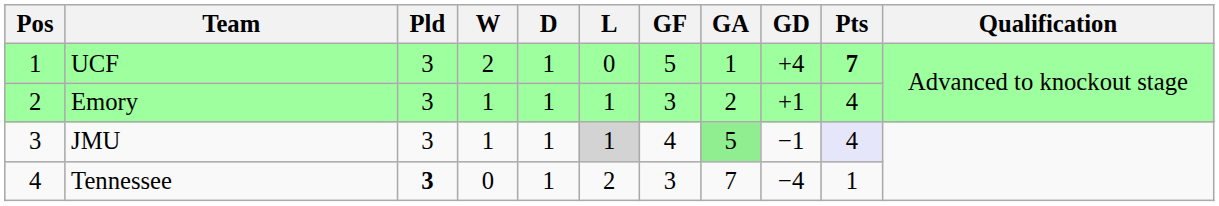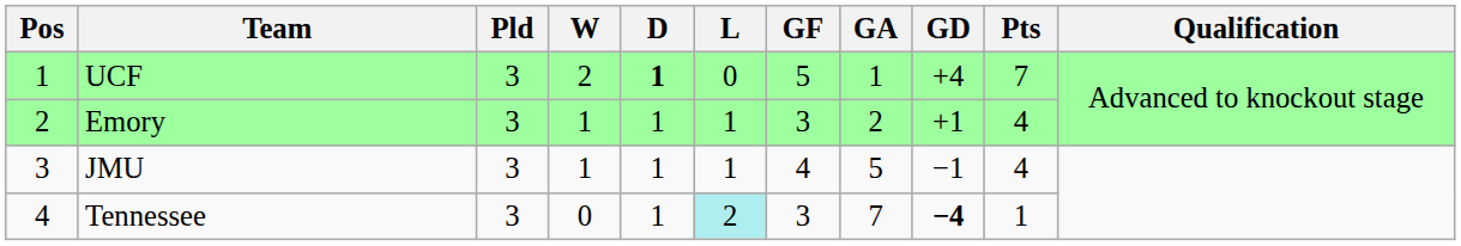 <table class="wikitable" style="text-align:center; margin: 1em auto">
 <tr>
 <th style="width:2em">Pos</th>
 <th style="width:13em">Team</th>
 <th style="width:2em">Pld</th>
 <th style="width:2em">W</th>
 <th style="width:2em">D</th>
 <th style="width:2em">L</th>
 <th style="width:2em">GF</th>
 <th style="width:2em">GA</th>
 <th style="width:2em">GD</th>
 <th style="width:2em">Pts</th>
 <th style="width:13em">Qualification</th>
 </tr>
 <tr bgcolor="#9eff9e">
 <td>1</td>
 <td style="text-align:left">UCF</td>
 <td>3</td>
 <td>2</td>
-<td>1</td>
+<td><strong>1</strong></td>
 <td>0</td>
 <td>5</td>
 <td>1</td>
 <td>+4</td>
-<td><strong>7</strong></td>
+<td>7</td>
 <td rowspan="2">Advanced to knockout stage</td>
 </tr>
 <tr bgcolor="#9eff9e">
 <td>2</td>
 <td style="text-align:left">Emory</td>
 <td>3</td>
 <td>1</td>
 <td>1</td>
 <td>1</td>
 <td>3</td>
 <td>2</td>
 <td>+1</td>
 <td>4</td>
 </tr>
 <tr>
 <td>3</td>
 <td style="text-align:left">JMU</td>
 <td>3</td>
 <td>1</td>
 <td>1</td>
-<td style="background: lightgrey;">1</td>
+<td>1</td>
 <td>4</td>
-<td style="background: lightgreen;">5</td>
+<td>5</td>
 <td>−1</td>
-<td style="background: lavender;">4</td>
+<td>4</td>
 <td rowspan="2"></td>
 </tr>
 <tr>
 <td>4</td>
 <td style="text-align:left">Tennessee</td>
-<td><strong>3</strong></td>
+<td>3</td>
 <td>0</td>
 <td>1</td>
-<td>2</td>
+<td style="background: paleturquoise;">2</td>
 <td>3</td>
 <td>7</td>
-<td>−4</td>
+<td><strong>−4</strong></td>
 <td>1</td>
 </tr>
 </table>
